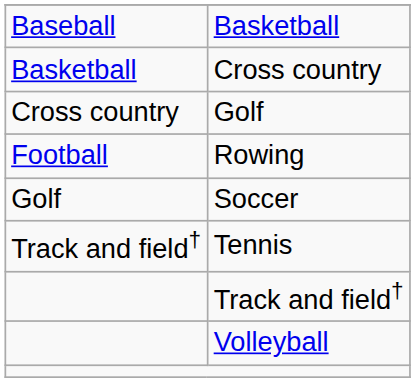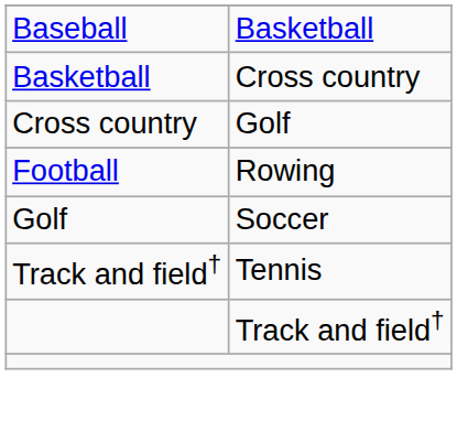 <table class="wikitable" style="float:right; clear:right; margin:0 0 1em 1em;">
 <tr>
 </tr>
 <tr>
 <td><a href='#'>Baseball</a></td>
 <td><a href='#'>Basketball</a></td>
 </tr>
 <tr>
 <td><a href='#'>Basketball</a></td>
 <td>Cross country</td>
 </tr>
 <tr>
 <td>Cross country</td>
 <td>Golf</td>
 </tr>
 <tr>
 <td><a href='#'>Football</a></td>
 <td>Rowing</td>
 </tr>
 <tr>
 <td>Golf</td>
 <td>Soccer</td>
 </tr>
 <tr>
 <td>Track and field<sup>†</sup></td>
 <td>Tennis</td>
 </tr>
 <tr>
 <td></td>
 <td>Track and field<sup>†</sup></td>
 </tr>
 <tr>
-<td></td>
-<td><a href='#'>Volleyball</a></td>
-</tr>
-<tr>
 <td colspan="2"></td>
 </tr>
 </table>
